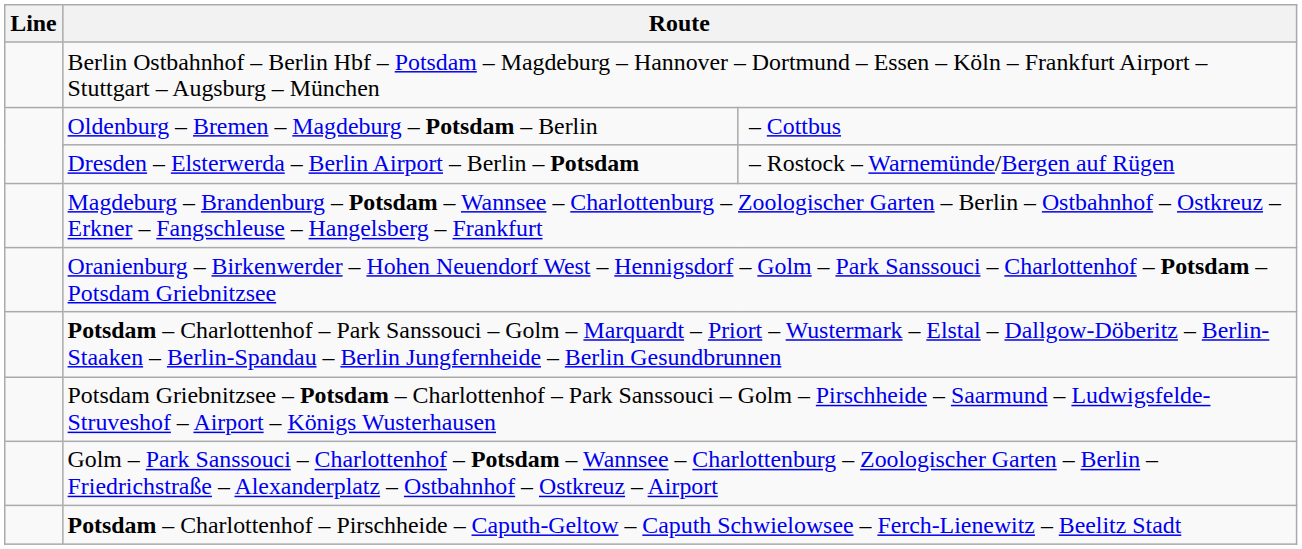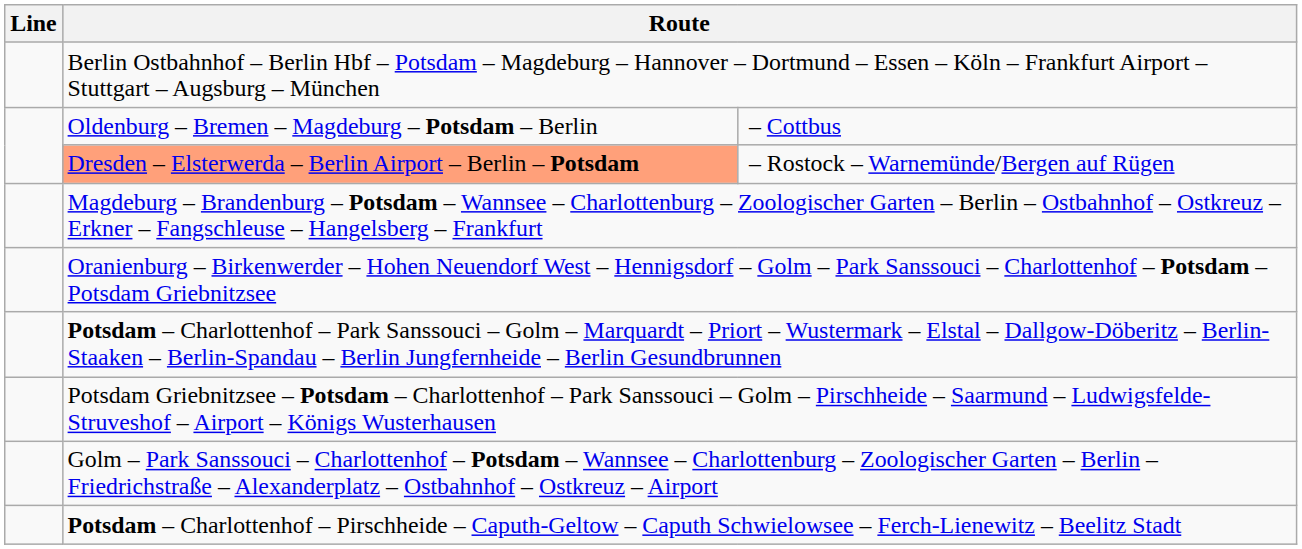 <table class="wikitable">
 <tr>
 <th>Line</th>
 <th colspan="2">Route</th>
 </tr>
 <tr>
 <td align="center"></td>
 <td colspan="2">Berlin Ostbahnhof – Berlin Hbf – <a href='#'>Potsdam</a> – Magdeburg – Hannover – Dortmund – Essen – Köln – Frankfurt Airport – Stuttgart – Augsburg – München</td>
 </tr>
 <tr>
 <td rowspan="3"></td>
 <td rowspan="2"> <a href='#'>Oldenburg</a> – <a href='#'>Bremen</a> – <a href='#'>Magdeburg</a> – <strong>Potsdam</strong> – Berlin</td>
 <td> – <a href='#'>Cottbus</a></td>
 </tr>
 <tr>
 <td rowspan="2"> – Rostock – <a href='#'>Warnemünde</a>/<a href='#'>Bergen auf Rügen</a></td>
 </tr>
 <tr>
-<td><a href='#'>Dresden</a> – <a href='#'>Elsterwerda</a> – <a href='#'>Berlin Airport</a> – Berlin – <strong>Potsdam</strong></td>
+<td style="background: lightsalmon;"><a href='#'>Dresden</a> – <a href='#'>Elsterwerda</a> – <a href='#'>Berlin Airport</a> – Berlin – <strong>Potsdam</strong></td>
 </tr>
 <tr>
 <td></td>
 <td colspan="2"><a href='#'>Magdeburg</a> – <a href='#'>Brandenburg</a> – <strong>Potsdam</strong> – <a href='#'>Wannsee</a> – <a href='#'>Charlottenburg</a> – <a href='#'>Zoologischer Garten</a> – Berlin – <a href='#'>Ostbahnhof</a> – <a href='#'>Ostkreuz</a> – <a href='#'>Erkner</a> – <a href='#'>Fangschleuse</a> – <a href='#'>Hangelsberg</a> – <a href='#'>Frankfurt</a></td>
 </tr>
 <tr>
 <td></td>
 <td colspan="2"><a href='#'>Oranienburg</a> – <a href='#'>Birkenwerder</a> – <a href='#'>Hohen Neuendorf West</a> – <a href='#'>Hennigsdorf</a> – <a href='#'>Golm</a> – <a href='#'>Park Sanssouci</a> – <a href='#'>Charlottenhof</a> – <strong>Potsdam</strong> – <a href='#'>Potsdam Griebnitzsee</a></td>
 </tr>
 <tr>
 <td></td>
 <td colspan="2"><strong>Potsdam</strong> – Charlottenhof – Park Sanssouci – Golm – <a href='#'>Marquardt</a> – <a href='#'>Priort</a> – <a href='#'>Wustermark</a> – <a href='#'>Elstal</a> – <a href='#'>Dallgow-Döberitz</a> – <a href='#'>Berlin-Staaken</a> – <a href='#'>Berlin-Spandau</a> – <a href='#'>Berlin Jungfernheide</a> – <a href='#'>Berlin Gesundbrunnen</a></td>
 </tr>
 <tr>
 <td></td>
 <td colspan="2">Potsdam Griebnitzsee – <strong>Potsdam</strong> – Charlottenhof – Park Sanssouci – Golm – <a href='#'>Pirschheide</a> – <a href='#'>Saarmund</a> – <a href='#'>Ludwigsfelde-Struveshof</a> – <a href='#'>Airport</a> – <a href='#'>Königs Wusterhausen</a></td>
 </tr>
 <tr>
 <td></td>
 <td colspan="2">Golm – <a href='#'>Park Sanssouci</a> – <a href='#'>Charlottenhof</a> – <strong>Potsdam</strong> – <a href='#'>Wannsee</a> – <a href='#'>Charlottenburg</a> – <a href='#'>Zoologischer Garten</a> – <a href='#'>Berlin</a> – <a href='#'>Friedrichstraße</a> – <a href='#'>Alexanderplatz</a> – <a href='#'>Ostbahnhof</a> – <a href='#'>Ostkreuz</a> – <a href='#'>Airport</a></td>
 </tr>
 <tr>
 <td></td>
 <td colspan="2"><strong>Potsdam</strong> – Charlottenhof – Pirschheide – <a href='#'>Caputh-Geltow</a> – <a href='#'>Caputh Schwielowsee</a> – <a href='#'>Ferch-Lienewitz</a> – <a href='#'>Beelitz Stadt</a></td>
 </tr>
 </table>
